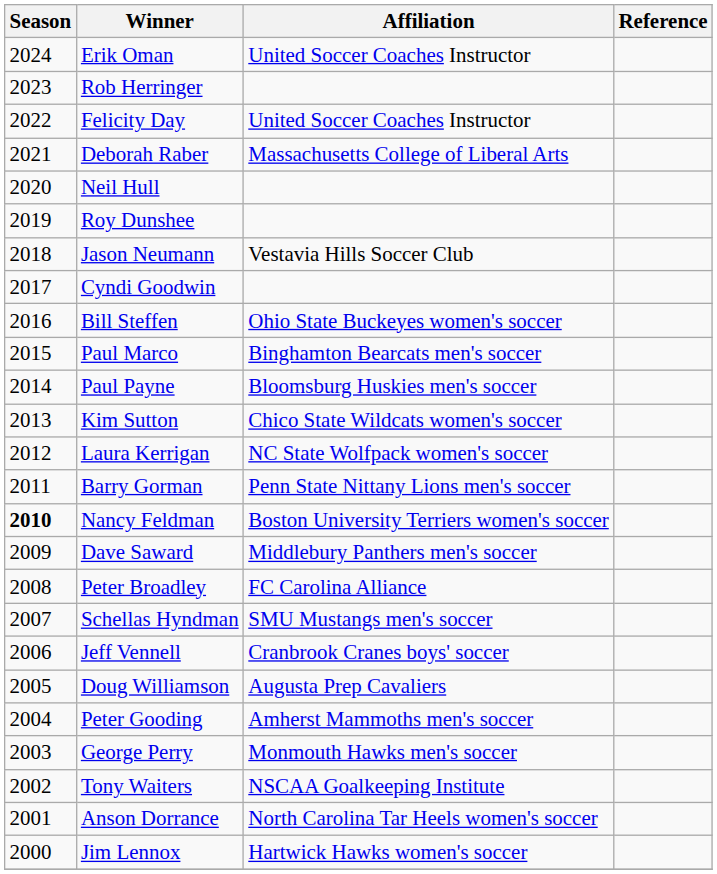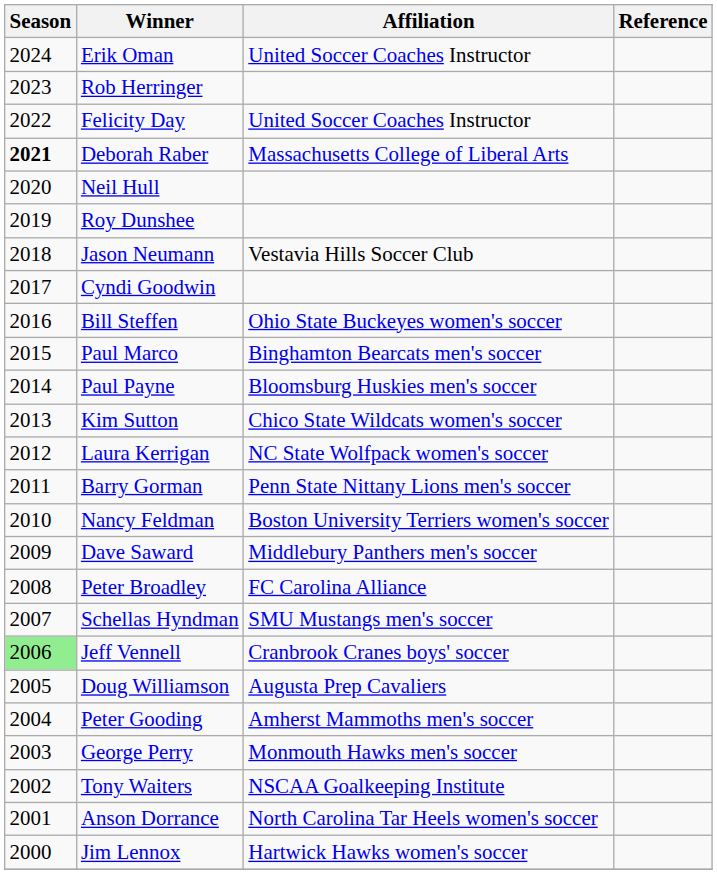 <table class="wikitable sortable">
 <tr>
 <th>Season</th>
 <th>Winner</th>
 <th>Affiliation</th>
 <th class="unsortable">Reference</th>
 </tr>
 <tr>
 <td>2024</td>
 <td><a href='#'>Erik Oman</a></td>
 <td><a href='#'>United Soccer Coaches</a> Instructor</td>
 <td></td>
 </tr>
 <tr>
 <td>2023</td>
 <td><a href='#'>Rob Herringer</a></td>
 <td></td>
 </tr>
 <tr>
 <td>2022</td>
 <td><a href='#'>Felicity Day</a></td>
 <td><a href='#'>United Soccer Coaches</a> Instructor</td>
 <td></td>
 </tr>
 <tr>
-<td>2021</td>
+<td><strong>2021</strong></td>
 <td><a href='#'>Deborah Raber</a></td>
 <td><a href='#'>Massachusetts College of Liberal Arts</a></td>
 <td></td>
 </tr>
 <tr>
 <td>2020</td>
 <td><a href='#'>Neil Hull</a></td>
 <td></td>
 <td></td>
 </tr>
 <tr>
 <td>2019</td>
 <td><a href='#'>Roy Dunshee</a></td>
 <td></td>
 <td></td>
 </tr>
 <tr>
 <td>2018</td>
 <td><a href='#'>Jason Neumann</a></td>
 <td>Vestavia Hills Soccer Club</td>
 <td></td>
 </tr>
 <tr>
 <td>2017</td>
 <td><a href='#'>Cyndi Goodwin</a></td>
 <td></td>
 <td></td>
 </tr>
 <tr>
 <td>2016</td>
 <td><a href='#'>Bill Steffen</a></td>
 <td><a href='#'>Ohio State Buckeyes women's soccer</a></td>
 <td></td>
 </tr>
 <tr>
 <td>2015</td>
 <td><a href='#'>Paul Marco</a></td>
 <td><a href='#'>Binghamton Bearcats men's soccer</a></td>
 <td></td>
 </tr>
 <tr>
 <td>2014</td>
 <td><a href='#'>Paul Payne</a></td>
 <td><a href='#'>Bloomsburg Huskies men's soccer</a></td>
 <td></td>
 </tr>
 <tr>
 <td>2013</td>
 <td><a href='#'>Kim Sutton</a></td>
 <td><a href='#'>Chico State Wildcats women's soccer</a></td>
 <td></td>
 </tr>
 <tr>
 <td>2012</td>
 <td><a href='#'>Laura Kerrigan</a></td>
 <td><a href='#'>NC State Wolfpack women's soccer</a></td>
 <td></td>
 </tr>
 <tr>
 <td>2011</td>
 <td><a href='#'>Barry Gorman</a></td>
 <td><a href='#'>Penn State Nittany Lions men's soccer</a></td>
 <td></td>
 </tr>
 <tr>
-<td><strong>2010</strong></td>
+<td>2010</td>
 <td><a href='#'>Nancy Feldman</a></td>
 <td><a href='#'>Boston University Terriers women's soccer</a></td>
 <td></td>
 </tr>
 <tr>
 <td>2009</td>
 <td><a href='#'>Dave Saward</a></td>
 <td><a href='#'>Middlebury Panthers men's soccer</a></td>
 <td></td>
 </tr>
 <tr>
 <td>2008</td>
 <td><a href='#'>Peter Broadley</a></td>
 <td><a href='#'>FC Carolina Alliance</a></td>
 <td></td>
 </tr>
 <tr>
 <td>2007</td>
 <td><a href='#'>Schellas Hyndman</a></td>
 <td><a href='#'>SMU Mustangs men's soccer</a></td>
 <td></td>
 </tr>
 <tr>
-<td>2006</td>
+<td style="background: lightgreen;">2006</td>
 <td><a href='#'>Jeff Vennell</a></td>
 <td><a href='#'>Cranbrook Cranes boys' soccer</a></td>
 <td></td>
 </tr>
 <tr>
 <td>2005</td>
 <td><a href='#'>Doug Williamson</a></td>
 <td><a href='#'>Augusta Prep Cavaliers</a></td>
 <td></td>
 </tr>
 <tr>
 <td>2004</td>
 <td><a href='#'>Peter Gooding</a></td>
 <td><a href='#'>Amherst Mammoths men's soccer</a></td>
 <td></td>
 </tr>
 <tr>
 <td>2003</td>
 <td><a href='#'>George Perry</a></td>
 <td><a href='#'>Monmouth Hawks men's soccer</a></td>
 <td></td>
 </tr>
 <tr>
 <td>2002</td>
 <td><a href='#'>Tony Waiters</a></td>
 <td><a href='#'>NSCAA Goalkeeping Institute</a></td>
 <td></td>
 </tr>
 <tr>
 <td>2001</td>
 <td><a href='#'>Anson Dorrance</a></td>
 <td><a href='#'>North Carolina Tar Heels women's soccer</a></td>
 <td></td>
 </tr>
 <tr>
 <td>2000</td>
 <td><a href='#'>Jim Lennox</a></td>
 <td><a href='#'>Hartwick Hawks women's soccer</a></td>
 <td></td>
 </tr>
 <tr>
 </tr>
 </table>
